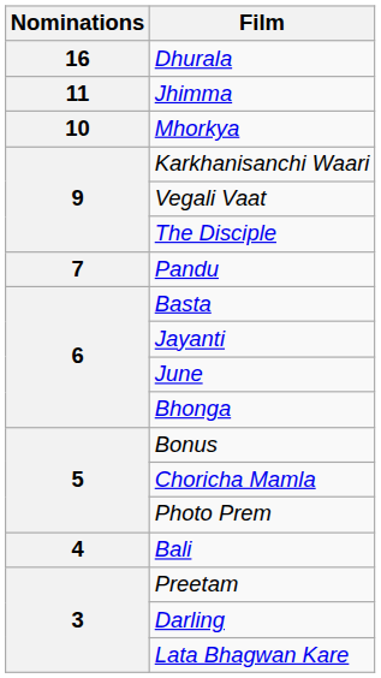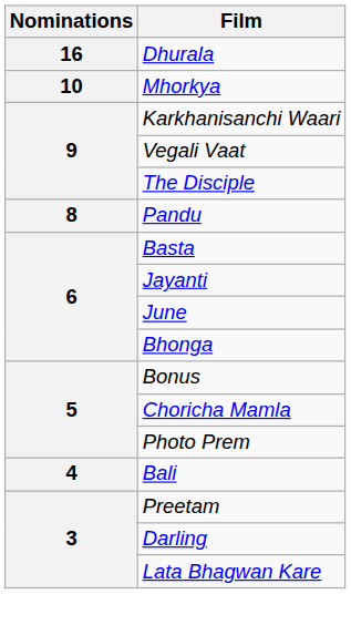 <table class="wikitable" style="display:inline-table;">
 <tr>
 <th>Nominations</th>
 <th>Film</th>
 </tr>
 <tr>
 <th>16</th>
 <td><em><a href='#'>Dhurala</a></em></td>
-</tr>
-<tr>
-<th>11</th>
-<td><em><a href='#'>Jhimma</a></em></td>
 </tr>
 <tr>
 <th>10</th>
 <td><em><a href='#'>Mhorkya</a></em></td>
 </tr>
 <tr>
 <th rowspan="3">9</th>
 <td><em>Karkhanisanchi Waari</em></td>
 </tr>
 <tr>
 <td><em>Vegali Vaat</em></td>
 </tr>
 <tr>
 <td><em><a href='#'>The Disciple</a></em></td>
 </tr>
 <tr>
-<th>7</th>
+<th>8</th>
 <td><em><a href='#'>Pandu</a></em></td>
 </tr>
 <tr>
 <th rowspan="4">6</th>
 <td><em><a href='#'>Basta</a></em></td>
 </tr>
 <tr>
 <td><em><a href='#'>Jayanti</a></em></td>
 </tr>
 <tr>
 <td><em><a href='#'>June</a></em></td>
 </tr>
 <tr>
 <td><em><a href='#'>Bhonga</a></em></td>
 </tr>
 <tr>
 <th rowspan="3">5</th>
 <td><em>Bonus</em></td>
 </tr>
 <tr>
 <td><em><a href='#'>Choricha Mamla</a></em></td>
 </tr>
 <tr>
 <td><em>Photo Prem</em></td>
 </tr>
 <tr>
 <th>4</th>
 <td><em><a href='#'>Bali</a></em></td>
 </tr>
 <tr>
 <th rowspan="3">3</th>
 <td><em>Preetam</em></td>
 </tr>
 <tr>
 <td><em><a href='#'>Darling</a></em></td>
 </tr>
 <tr>
 <td><em><a href='#'>Lata Bhagwan Kare</a></em></td>
 </tr>
 </table>
